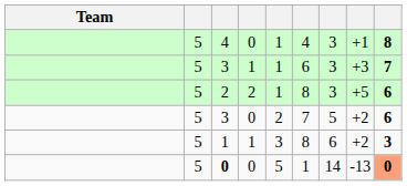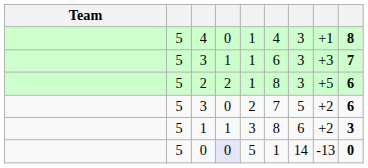 <table class="wikitable" style="text-align:center">
 <tr>
 <th width=175>Team</th>
 <th width=20></th>
 <th width=20></th>
 <th width=20></th>
 <th width=20></th>
 <th width=20></th>
 <th width=20></th>
 <th width=20></th>
 <th width=20></th>
 </tr>
 <tr style="background:#cfc;">
 <td align="left"></td>
 <td>5</td>
 <td>4</td>
 <td>0</td>
 <td>1</td>
 <td>4</td>
 <td>3</td>
 <td>+1</td>
 <td><strong>8</strong></td>
 </tr>
 <tr style="background:#cfc;">
 <td align="left"></td>
 <td>5</td>
 <td>3</td>
 <td>1</td>
 <td>1</td>
 <td>6</td>
 <td>3</td>
 <td>+3</td>
 <td><strong>7</strong></td>
 </tr>
 <tr style="background:#cfc;">
 <td align="left"></td>
 <td>5</td>
 <td>2</td>
 <td>2</td>
 <td>1</td>
 <td>8</td>
 <td>3</td>
 <td>+5</td>
 <td><strong>6</strong></td>
 </tr>
 <tr>
 <td align="left"></td>
 <td>5</td>
 <td>3</td>
 <td>0</td>
 <td>2</td>
 <td>7</td>
 <td>5</td>
 <td>+2</td>
 <td><strong>6</strong></td>
 </tr>
 <tr>
 <td align="left"></td>
 <td>5</td>
 <td>1</td>
 <td>1</td>
 <td>3</td>
 <td>8</td>
 <td>6</td>
 <td>+2</td>
 <td><strong>3</strong></td>
 </tr>
 <tr>
 <td align="left"></td>
 <td>5</td>
-<td><strong>0</strong></td>
 <td>0</td>
+<td style="background: lavender;">0</td>
 <td>5</td>
 <td>1</td>
 <td>14</td>
 <td>-13</td>
-<td style="background: lightsalmon;"><strong>0</strong></td>
+<td><strong>0</strong></td>
 </tr>
 </table>
